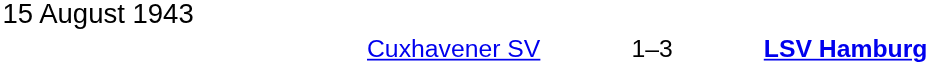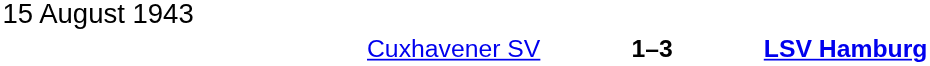 <table width=100% cellspacing=1>
 <tr>
 <th width=25%></th>
 <th width=10%></th>
 <th width=25%></th>
 <th></th>
 </tr>
 <tr>
 <td>15 August 1943</td>
 </tr>
 <tr style=font-size:90%>
 <td align=right><a href='#'>Cuxhavener SV</a></td>
-<td align=center>1–3</td>
+<td align=center><strong>1–3</strong></td>
 <td><strong><a href='#'>LSV Hamburg</a></strong></td>
 </tr>
 </table>
